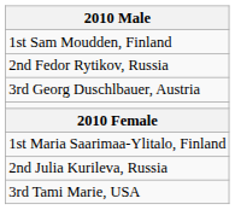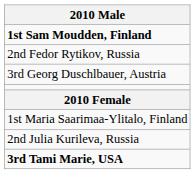 <table class="wikitable" style="float:left; margin-right:1em">
 <tr>
 <th>2010 Male</th>
 </tr>
 <tr>
-<td>1st Sam Moudden, Finland</td>
+<td><strong>1st Sam Moudden, Finland</strong></td>
 </tr>
 <tr>
 <td>2nd Fedor Rytikov, Russia</td>
 </tr>
 <tr>
 <td>3rd Georg Duschlbauer, Austria</td>
 </tr>
 <tr>
 <td></td>
 </tr>
 <tr>
 <th>2010 Female</th>
 </tr>
 <tr>
 <td>1st Maria Saarimaa-Ylitalo, Finland</td>
 </tr>
 <tr>
 <td>2nd Julia Kurileva, Russia</td>
 </tr>
 <tr>
-<td>3rd Tami Marie, USA</td>
+<td><strong>3rd Tami Marie, USA</strong></td>
 </tr>
 </table>
